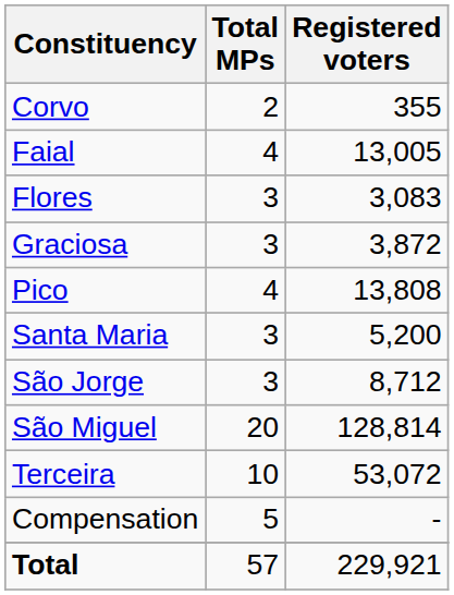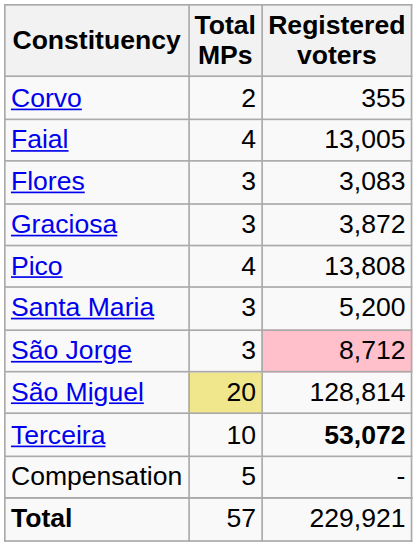 <table class="wikitable sortable" style="text-align:right">
 <tr>
 <th>Constituency</th>
 <th>Total <br>MPs</th>
 <th>Registered<br>voters</th>
 </tr>
 <tr>
 <td align="left"><a href='#'>Corvo</a></td>
 <td>2</td>
 <td>355</td>
 </tr>
 <tr>
 <td align="left"><a href='#'>Faial</a></td>
 <td>4</td>
 <td>13,005</td>
 </tr>
 <tr>
 <td align="left"><a href='#'>Flores</a></td>
 <td>3</td>
 <td>3,083</td>
 </tr>
 <tr>
 <td align="left"><a href='#'>Graciosa</a></td>
 <td>3</td>
 <td>3,872</td>
 </tr>
 <tr>
 <td align="left"><a href='#'>Pico</a></td>
 <td>4</td>
 <td>13,808</td>
 </tr>
 <tr>
 <td align="left"><a href='#'>Santa Maria</a></td>
 <td>3</td>
 <td>5,200</td>
 </tr>
 <tr>
 <td align="left"><a href='#'>São Jorge</a></td>
 <td>3</td>
-<td>8,712</td>
+<td style="background: pink;">8,712</td>
 </tr>
 <tr>
 <td align="left"><a href='#'>São Miguel</a></td>
-<td>20</td>
+<td style="background: khaki;">20</td>
 <td>128,814</td>
 </tr>
 <tr>
 <td align="left"><a href='#'>Terceira</a></td>
 <td>10</td>
-<td>53,072</td>
+<td><strong>53,072</strong></td>
 </tr>
 <tr>
 <td align="left">Compensation</td>
 <td>5</td>
 <td>-</td>
 </tr>
 <tr>
 </tr>
 <tr>
 <td align="left"><strong>Total</strong></td>
 <td>57</td>
 <td>229,921</td>
 </tr>
 </table>
